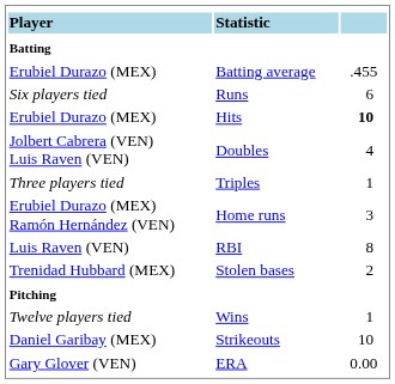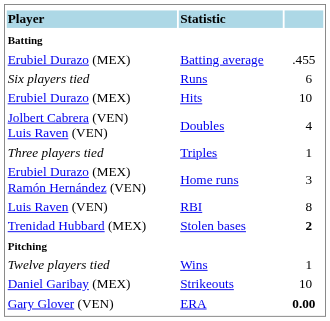 <table cellpadding="1" width="350px" style="font-size: 90%; border: 1px solid gray;">
 <tr align="center" style="font-size: larger;">
 <td colspan=6></td>
 </tr>
 <tr style="background:lightblue;">
 <td><strong>Player</strong></td>
 <td><strong>Statistic</strong></td>
 <td></td>
 </tr>
 <tr align="center" style="vertical-align: middle;" style="background:lightblue;">
 </tr>
 <tr>
 <td><small><strong>Batting</strong></small></td>
 </tr>
 <tr>
 <td><a href='#'>Erubiel Durazo</a> (MEX)</td>
 <td><a href='#'>Batting average</a></td>
 <td>  .455</td>
 </tr>
 <tr>
 <td><em>Six players tied</em></td>
 <td><a href='#'>Runs</a></td>
 <td>      6</td>
 </tr>
 <tr>
 <td><a href='#'>Erubiel Durazo</a> (MEX)</td>
 <td><a href='#'>Hits</a></td>
-<td><strong>    10</strong></td>
+<td>    10</td>
 </tr>
 <tr>
 <td><a href='#'>Jolbert Cabrera</a> (VEN)<br><a href='#'>Luis Raven</a> (VEN)</td>
 <td><a href='#'>Doubles</a></td>
 <td>      4</td>
 </tr>
 <tr>
 <td><em>Three players tied</em></td>
 <td><a href='#'>Triples</a></td>
 <td>      1</td>
 </tr>
 <tr>
 <td><a href='#'>Erubiel Durazo</a> (MEX)<br><a href='#'>Ramón Hernández</a> (VEN)</td>
 <td><a href='#'>Home runs</a></td>
 <td>      3</td>
 </tr>
 <tr>
 <td><a href='#'>Luis Raven</a> (VEN)</td>
 <td><a href='#'>RBI</a></td>
 <td>      8</td>
 </tr>
 <tr>
 <td><a href='#'>Trenidad Hubbard</a> (MEX)</td>
 <td><a href='#'>Stolen bases</a></td>
-<td>      2</td>
+<td><strong>      2</strong></td>
 </tr>
 <tr>
 <td><small><strong>Pitching</strong></small></td>
 </tr>
 <tr>
 <td><em>Twelve players tied</em></td>
 <td><a href='#'>Wins</a></td>
 <td>      1</td>
 </tr>
 <tr>
 <td><a href='#'>Daniel Garibay</a> (MEX)</td>
 <td><a href='#'>Strikeouts</a></td>
 <td>    10</td>
 </tr>
 <tr>
 <td><a href='#'>Gary Glover</a> (VEN)</td>
 <td><a href='#'>ERA</a></td>
-<td>  0.00</td>
+<td><strong>  0.00</strong></td>
 </tr>
 <tr>
 </tr>
 </table>
